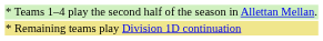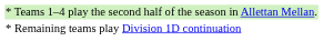 <table>
 <tr style="background: #D0F0C0;">
 <td>* Teams 1–4 play the second half of the season in <a href='#'>Allettan Mellan</a>.</td>
 </tr>
 <tr>
-<td style="background: khaki;">* Remaining teams play <a href='#'>Division 1D continuation</a></td>
+<td>* Remaining teams play <a href='#'>Division 1D continuation</a></td>
 </tr>
 </table>
